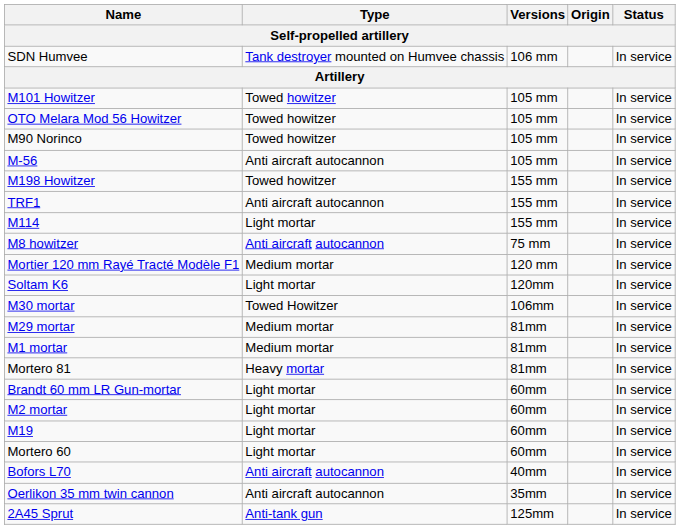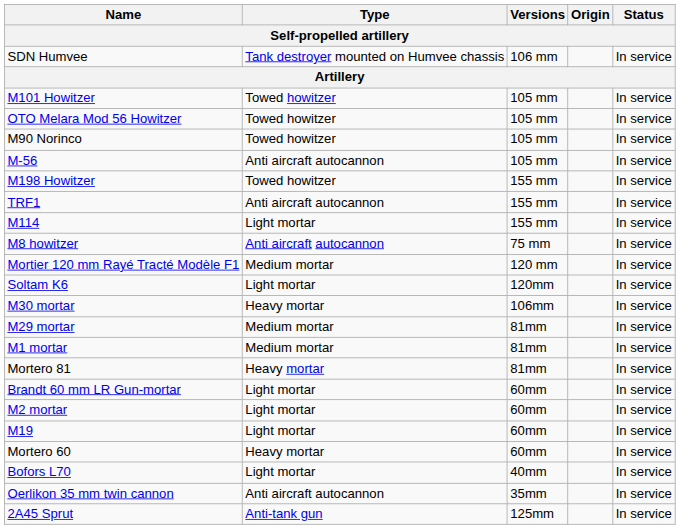 <table class="wikitable">
 <tr>
 <th>Name</th>
 <th>Type</th>
 <th>Versions</th>
 <th>Origin</th>
 <th>Status</th>
 </tr>
 <tr>
 <th colspan="6">Self-propelled artillery</th>
 </tr>
 <tr>
 <td>SDN Humvee</td>
 <td><a href='#'>Tank destroyer</a> mounted on Humvee chassis</td>
 <td>106 mm</td>
 <td></td>
 <td>In service</td>
 </tr>
 <tr>
 <th style="align: center;" colspan="6">Artillery</th>
 </tr>
 <tr>
 <td><a href='#'>M101 Howitzer</a></td>
 <td>Towed <a href='#'>howitzer</a></td>
 <td>105 mm</td>
 <td></td>
 <td>In service</td>
 </tr>
 <tr>
 <td><a href='#'>OTO Melara Mod 56 Howitzer</a></td>
 <td>Towed howitzer</td>
 <td>105 mm</td>
 <td></td>
 <td>In service</td>
 </tr>
 <tr>
 <td>M90 Norinco</td>
 <td>Towed howitzer</td>
 <td>105 mm</td>
 <td></td>
 <td>In service</td>
 </tr>
 <tr>
 <td><a href='#'>M-56</a></td>
 <td>Anti aircraft autocannon</td>
 <td>105 mm</td>
 <td></td>
 <td>In service</td>
 </tr>
 <tr>
 <td><a href='#'>M198 Howitzer</a></td>
 <td>Towed howitzer</td>
 <td>155 mm</td>
 <td></td>
 <td>In service</td>
 </tr>
 <tr>
 <td><a href='#'>TRF1</a></td>
 <td>Anti aircraft autocannon</td>
 <td>155 mm</td>
 <td></td>
 <td>In service</td>
 </tr>
 <tr>
 <td><a href='#'>M114</a></td>
 <td>Light mortar</td>
 <td>155 mm</td>
 <td></td>
 <td>In service</td>
 </tr>
 <tr>
 <td><a href='#'>M8 howitzer</a></td>
 <td><a href='#'>Anti aircraft</a> <a href='#'>autocannon</a></td>
 <td>75 mm</td>
 <td><br></td>
 <td>In service</td>
 </tr>
 <tr>
 <td><a href='#'>Mortier 120 mm Rayé Tracté Modèle F1</a></td>
 <td>Medium mortar</td>
 <td>120 mm</td>
 <td></td>
 <td>In service</td>
 </tr>
 <tr>
 <td><a href='#'>Soltam K6</a></td>
 <td>Light mortar</td>
 <td>120mm</td>
 <td></td>
 <td>In service</td>
 </tr>
 <tr>
 <td><a href='#'>M30 mortar</a></td>
-<td>Towed Howitzer</td>
+<td>Heavy mortar</td>
 <td>106mm</td>
 <td></td>
 <td>In service</td>
 </tr>
 <tr>
 <td><a href='#'>M29 mortar</a></td>
 <td>Medium mortar</td>
 <td>81mm</td>
 <td></td>
 <td>In service</td>
 </tr>
 <tr>
 <td><a href='#'>M1 mortar</a></td>
 <td>Medium mortar</td>
 <td>81mm</td>
 <td></td>
 <td>In service</td>
 </tr>
 <tr>
 <td>Mortero 81</td>
 <td>Heavy <a href='#'>mortar</a></td>
 <td>81mm</td>
 <td></td>
 <td>In service</td>
 </tr>
 <tr>
 <td><a href='#'>Brandt 60 mm LR Gun-mortar</a></td>
 <td>Light mortar</td>
 <td>60mm</td>
 <td></td>
 <td>In service</td>
 </tr>
 <tr>
 <td><a href='#'>M2 mortar</a></td>
 <td>Light mortar</td>
 <td>60mm</td>
 <td></td>
 <td>In service</td>
 </tr>
 <tr>
 <td><a href='#'>M19</a></td>
 <td>Light mortar</td>
 <td>60mm</td>
 <td></td>
 <td>In service</td>
 </tr>
 <tr>
 <td>Mortero 60</td>
-<td>Light mortar</td>
+<td>Heavy mortar</td>
 <td>60mm</td>
 <td></td>
 <td>In service</td>
 </tr>
 <tr>
 <td><a href='#'>Bofors L70</a></td>
-<td><a href='#'>Anti aircraft</a> <a href='#'>autocannon</a></td>
+<td>Light mortar</td>
 <td>40mm</td>
 <td></td>
 <td>In service</td>
 </tr>
 <tr>
 <td><a href='#'>Oerlikon 35 mm twin cannon</a></td>
 <td>Anti aircraft autocannon</td>
 <td>35mm</td>
 <td></td>
 <td>In service</td>
 </tr>
 <tr>
 <td><a href='#'>2A45 Sprut</a></td>
 <td><a href='#'>Anti-tank gun</a></td>
 <td>125mm</td>
 <td><br></td>
 <td>In service</td>
 </tr>
 </table>
